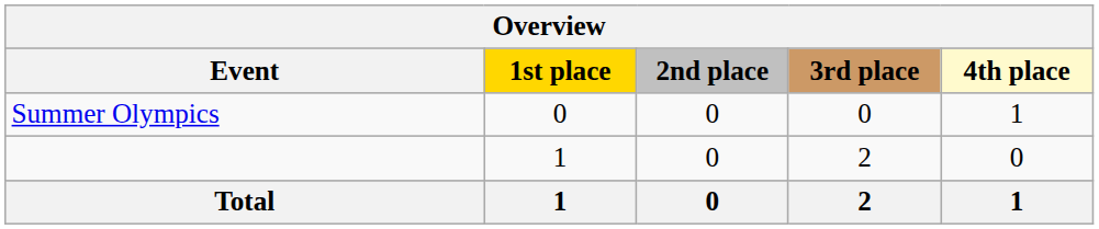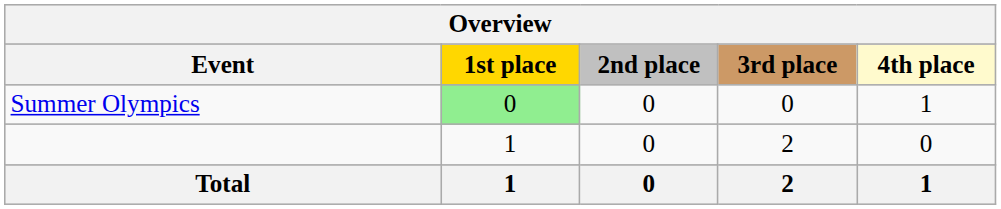 <table class="wikitable" style="width:50%;text-align:center">
 <tr>
 <th colspan="5">Overview</th>
 </tr>
 <tr>
 <th>Event</th>
 <th style="width:14%;background:gold">1st place</th>
 <th style="width:14%;background:silver">2nd place</th>
 <th style="width:14%;background:#c96">3rd place</th>
 <th style="width:14%;background:LemonChiffon">4th place</th>
 </tr>
 <tr>
 <td align=left><a href='#'>Summer Olympics</a></td>
-<td>0</td>
+<td style="background: lightgreen;">0</td>
 <td>0</td>
 <td>0</td>
 <td>1</td>
 </tr>
 <tr>
 <td align=left></td>
 <td>1</td>
 <td>0</td>
 <td>2</td>
 <td>0</td>
 </tr>
 <tr>
 <th>Total</th>
 <th>1</th>
 <th>0</th>
 <th>2</th>
 <th>1</th>
 </tr>
 </table>
